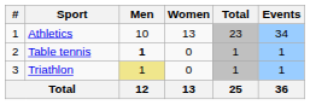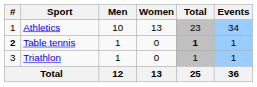 <table class="wikitable sortable" style="text-align:center;">
 <tr>
 <th width=20>#</th>
 <th width=120>Sport</th>
 <th width=55>Men</th>
 <th width=55>Women</th>
 <th width=55>Total</th>
 <th width=55>Events</th>
 </tr>
 <tr>
 <td align=center>1</td>
 <td align=left><a href='#'>Athletics</a></td>
 <td>10</td>
 <td>13</td>
 <td bgcolor=silver>23</td>
 <td bgcolor=#9acdff>34</td>
 </tr>
 <tr>
-<td align=center>2</td>
+<td align=center><strong>2</strong></td>
 <td align=left><a href='#'>Table tennis</a></td>
-<td><strong>1</strong></td>
+<td>1</td>
 <td>0</td>
-<td bgcolor=silver>1</td>
+<td bgcolor=silver><strong>1</strong></td>
 <td bgcolor=#9acdff>1</td>
 </tr>
 <tr>
 <td align=center>3</td>
 <td align=left><a href='#'>Triathlon</a></td>
-<td style="background: khaki;">1</td>
+<td>1</td>
 <td>0</td>
 <td bgcolor=silver>1</td>
 <td bgcolor=#9acdff>1</td>
 </tr>
 <tr class="sortbottom">
 <th colspan=2>Total</th>
 <th>12</th>
 <th>13</th>
 <th>25</th>
 <th>36</th>
 </tr>
 </table>
